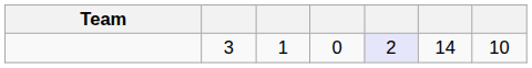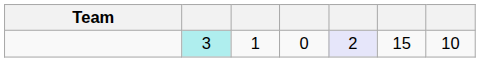 <table class="wikitable" style="text-align:center;">
 <tr>
 <th width=165>Team</th>
 <th width=40></th>
 <th width=40></th>
 <th width=40></th>
 <th width=40></th>
 <th width=40></th>
 <th width=40></th>
 </tr>
 <tr>
 <td align=left></td>
-<td>3</td>
+<td style="background: paleturquoise;">3</td>
 <td>1</td>
 <td>0</td>
 <td style="background: lavender;">2</td>
-<td>14</td>
+<td>15</td>
 <td>10</td>
 </tr>
 </table>
